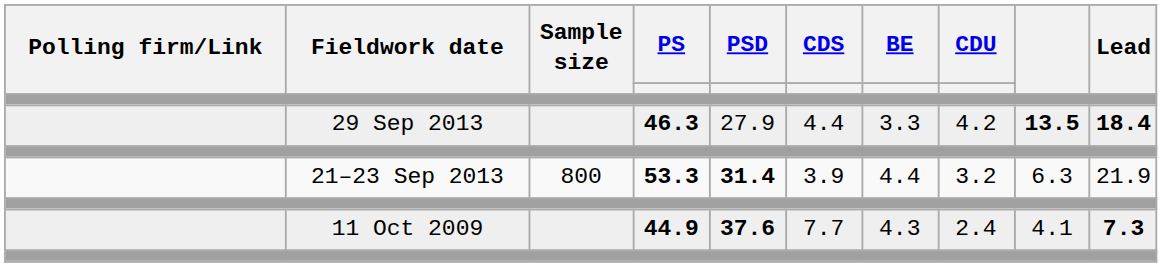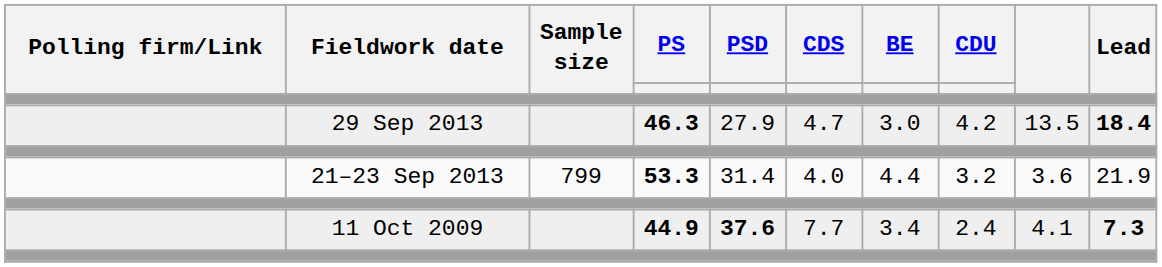 <table class="wikitable collapsible sortable" style="text-align:center; font-size:95%; line-height:16px;">
 <tr style="height:42px;">
 <th style="width:145px;" rowspan="2">Polling firm/Link</th>
 <th style="width:125px;" rowspan="2">Fieldwork date</th>
 <th class="unsortable" style="width:50px;" rowspan="2">Sample size</th>
 <th class="unsortable" style="width:35px;"><a href='#'>PS</a></th>
 <th class="unsortable" style="width:35px;"><a href='#'>PSD</a></th>
 <th class="unsortable" style="width:35px;"><a href='#'>CDS</a></th>
 <th class="unsortable" style="width:35px;"><a href='#'>BE</a></th>
 <th class="unsortable" style="width:35px;"><a href='#'>CDU</a></th>
 <th class="unsortable" style="width:35px;" rowspan="2"></th>
 <th class="unsortable" style="width:30px;" rowspan="2">Lead</th>
 </tr>
 <tr>
 <th class="unsortable" style="color:inherit;background:"></th>
 <th class="unsortable" style="color:inherit;background:"></th>
 <th class="unsortable" style="color:inherit;background:"></th>
 <th class="unsortable" style="color:inherit;background:"></th>
 <th class="unsortable" style="color:inherit;background:"></th>
 </tr>
 <tr>
 <td colspan="13" style="background:#A0A0A0"></td>
 </tr>
 <tr style="background:#EFEFEF;">
 <td><strong></strong></td>
 <td data-sort-value="2019-10-06">29 Sep 2013</td>
 <td></td>
 <td><strong>46.3</strong><br></td>
 <td>27.9<br></td>
-<td>4.4<br></td>
-<td>3.3<br></td>
+<td>4.7<br></td>
+<td>3.0<br></td>
 <td>4.2<br></td>
-<td><strong>13.5</strong></td>
+<td>13.5</td>
 <td style="background:"><strong>18.4</strong></td>
 </tr>
 <tr>
 <td colspan="13" style="background:#A0A0A0"></td>
 </tr>
 <tr>
 <td align="center"></td>
 <td align="center">21–23 Sep 2013</td>
-<td>800</td>
+<td>799</td>
 <td align="center" ><strong>53.3</strong></td>
-<td align="center"><strong>31.4</strong></td>
-<td align="center">3.9</td>
+<td align="center">31.4</td>
+<td align="center">4.0</td>
 <td align="center">4.4</td>
 <td align="center">3.2</td>
-<td align="center">6.3</td>
+<td align="center">3.6</td>
 <td style="background:">21.9</td>
 </tr>
 <tr>
 <td colspan="13" style="background:#A0A0A0"></td>
 </tr>
 <tr style="background:#EFEFEF;">
 <td><strong></strong></td>
 <td data-sort-value="2019-10-06">11 Oct 2009</td>
 <td></td>
 <td><strong>44.9</strong><br></td>
 <td><strong>37.6<br></strong></td>
 <td>7.7<br></td>
-<td>4.3<br></td>
+<td>3.4<br></td>
 <td>2.4<br></td>
 <td>4.1</td>
 <td style="background:"><strong>7.3</strong></td>
 </tr>
 <tr>
 <td colspan="13" style="background:#A0A0A0"></td>
 </tr>
 <tr>
 </tr>
 </table>
